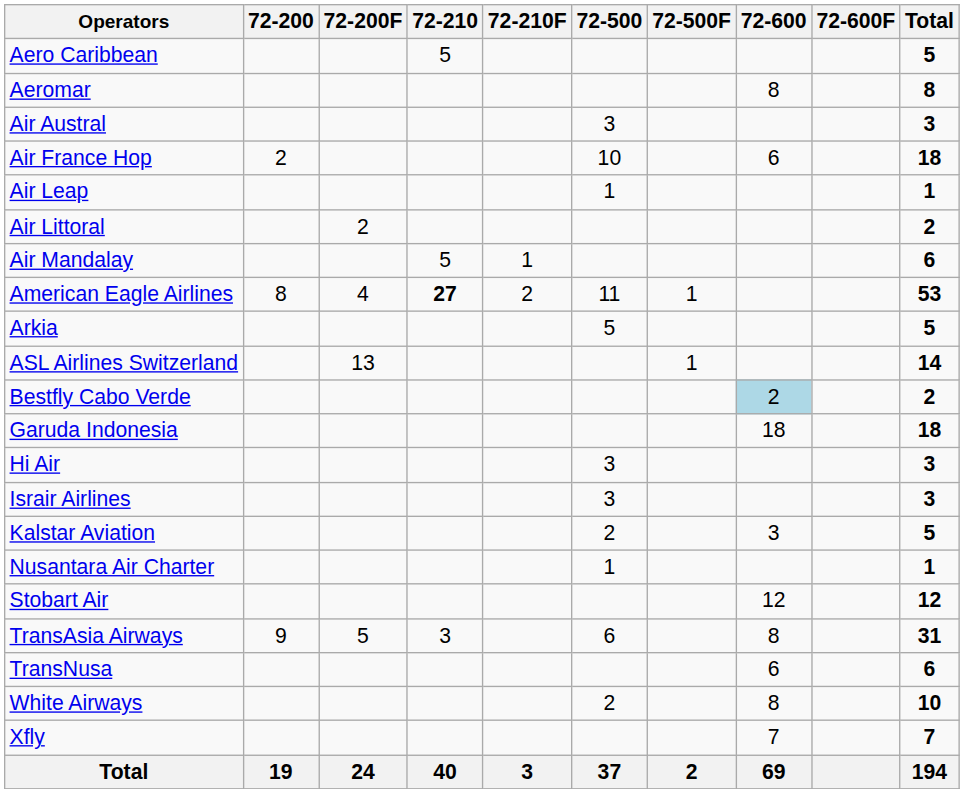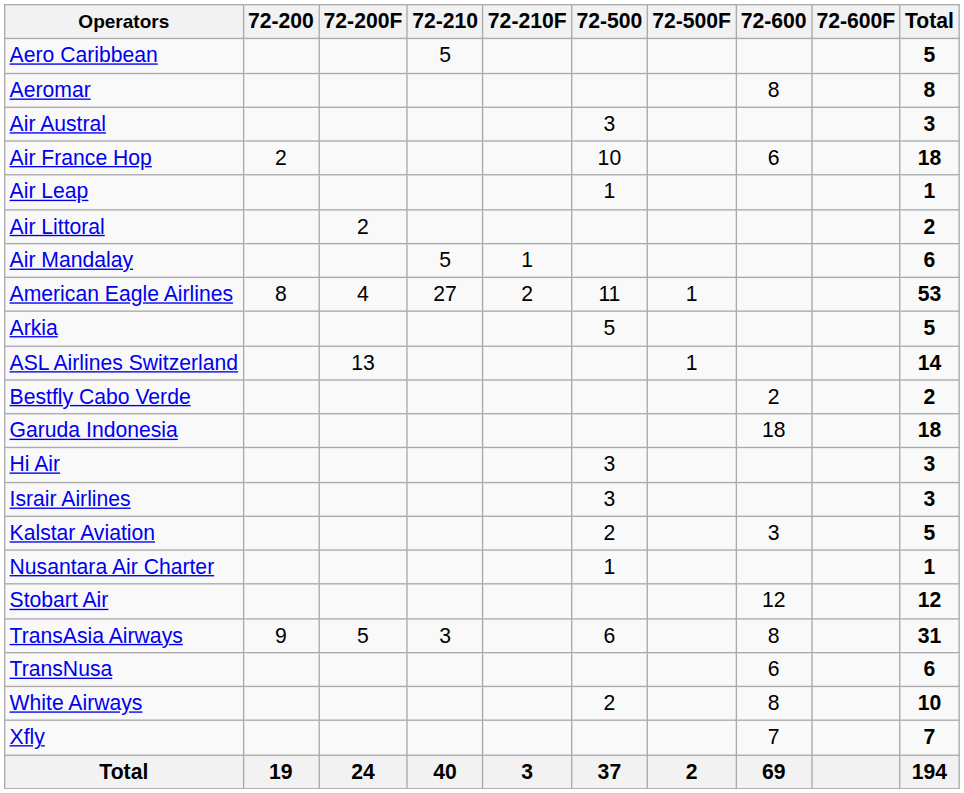 <table class="wikitable sortable" style="text-align:center; font-size:98%;">
 <tr>
 <th style="font-size:90%">Operators</th>
 <th data-sort-type="number">72-200</th>
 <th data-sort-type="number">72-200F</th>
 <th data-sort-type="number">72-210</th>
 <th data-sort-type="number">72-210F</th>
 <th data-sort-type="number">72-500</th>
 <th data-sort-type="number">72-500F</th>
 <th data-sort-type="number">72-600</th>
 <th data-sort-type="number">72-600F</th>
 <th data-sort-type="number">Total</th>
 </tr>
 <tr>
 <td align=left> <a href='#'>Aero Caribbean</a></td>
 <td></td>
 <td></td>
 <td>5</td>
 <td></td>
 <td></td>
 <td></td>
 <td></td>
 <td></td>
 <td><strong>5</strong></td>
 </tr>
 <tr>
 <td align=left> <a href='#'>Aeromar</a></td>
 <td></td>
 <td></td>
 <td></td>
 <td></td>
 <td></td>
 <td></td>
 <td>8</td>
 <td></td>
 <td><strong>8</strong></td>
 </tr>
 <tr>
 <td align=left> <a href='#'>Air Austral</a></td>
 <td></td>
 <td></td>
 <td></td>
 <td></td>
 <td>3</td>
 <td></td>
 <td></td>
 <td></td>
 <td><strong>3</strong></td>
 </tr>
 <tr>
 <td align=left> <a href='#'>Air France Hop</a></td>
 <td>2</td>
 <td></td>
 <td></td>
 <td></td>
 <td>10</td>
 <td></td>
 <td>6</td>
 <td></td>
 <td><strong>18</strong></td>
 </tr>
 <tr>
 <td align=left> <a href='#'>Air Leap</a></td>
 <td></td>
 <td></td>
 <td></td>
 <td></td>
 <td>1</td>
 <td></td>
 <td></td>
 <td></td>
 <td><strong>1</strong></td>
 </tr>
 <tr>
 <td align=left> <a href='#'>Air Littoral</a></td>
 <td></td>
 <td>2</td>
 <td></td>
 <td></td>
 <td></td>
 <td></td>
 <td></td>
 <td></td>
 <td><strong>2</strong></td>
 </tr>
 <tr>
 <td align=left> <a href='#'>Air Mandalay</a></td>
 <td></td>
 <td></td>
 <td>5</td>
 <td>1</td>
 <td></td>
 <td></td>
 <td></td>
 <td></td>
 <td><strong>6</strong></td>
 </tr>
 <tr>
 <td align=left> <a href='#'>American Eagle Airlines</a></td>
 <td>8</td>
 <td>4</td>
-<td><strong>27</strong></td>
+<td>27</td>
 <td>2</td>
 <td>11</td>
 <td>1</td>
 <td></td>
 <td></td>
 <td><strong>53</strong></td>
 </tr>
 <tr>
 <td align=left> <a href='#'>Arkia</a></td>
 <td></td>
 <td></td>
 <td></td>
 <td></td>
 <td>5</td>
 <td></td>
 <td></td>
 <td></td>
 <td><strong>5</strong></td>
 </tr>
 <tr>
 <td align=left> <a href='#'>ASL Airlines Switzerland</a></td>
 <td></td>
 <td>13</td>
 <td></td>
 <td></td>
 <td></td>
 <td>1</td>
 <td></td>
 <td></td>
 <td><strong>14</strong></td>
 </tr>
 <tr>
 <td align=left> <a href='#'>Bestfly Cabo Verde</a></td>
 <td></td>
 <td></td>
 <td></td>
 <td></td>
 <td></td>
 <td></td>
-<td style="background: lightblue;">2</td>
+<td>2</td>
 <td></td>
 <td><strong>2</strong></td>
 </tr>
 <tr>
 <td align=left> <a href='#'>Garuda Indonesia</a></td>
 <td></td>
 <td></td>
 <td></td>
 <td></td>
 <td></td>
 <td></td>
 <td>18</td>
 <td></td>
 <td><strong>18</strong></td>
 </tr>
 <tr>
 <td align=left> <a href='#'>Hi Air</a></td>
 <td></td>
 <td></td>
 <td></td>
 <td></td>
 <td>3</td>
 <td></td>
 <td></td>
 <td></td>
 <td><strong>3</strong></td>
 </tr>
 <tr>
 <td align=left> <a href='#'>Israir Airlines</a></td>
 <td></td>
 <td></td>
 <td></td>
 <td></td>
 <td>3</td>
 <td></td>
 <td></td>
 <td></td>
 <td><strong>3</strong></td>
 </tr>
 <tr>
 <td align=left> <a href='#'>Kalstar Aviation</a></td>
 <td></td>
 <td></td>
 <td></td>
 <td></td>
 <td>2</td>
 <td></td>
 <td>3</td>
 <td></td>
 <td><strong>5</strong></td>
 </tr>
 <tr>
 <td align=left> <a href='#'>Nusantara Air Charter</a></td>
 <td></td>
 <td></td>
 <td></td>
 <td></td>
 <td>1</td>
 <td></td>
 <td></td>
 <td></td>
 <td><strong>1</strong></td>
 </tr>
 <tr>
 <td align=left> <a href='#'>Stobart Air</a></td>
 <td></td>
 <td></td>
 <td></td>
 <td></td>
 <td></td>
 <td></td>
 <td>12</td>
 <td></td>
 <td><strong>12</strong></td>
 </tr>
 <tr>
 <td align=left> <a href='#'>TransAsia Airways</a></td>
 <td>9</td>
 <td>5</td>
 <td>3</td>
 <td></td>
 <td>6</td>
 <td></td>
 <td>8</td>
 <td></td>
 <td><strong>31</strong></td>
 </tr>
 <tr>
 <td align=left> <a href='#'>TransNusa</a></td>
 <td></td>
 <td></td>
 <td></td>
 <td></td>
 <td></td>
 <td></td>
 <td>6</td>
 <td></td>
 <td><strong>6</strong></td>
 </tr>
 <tr>
 <td align=left> <a href='#'>White Airways</a></td>
 <td></td>
 <td></td>
 <td></td>
 <td></td>
 <td>2</td>
 <td></td>
 <td>8</td>
 <td></td>
 <td><strong>10</strong></td>
 </tr>
 <tr>
 <td align=left> <a href='#'>Xfly</a></td>
 <td></td>
 <td></td>
 <td></td>
 <td></td>
 <td></td>
 <td></td>
 <td>7</td>
 <td></td>
 <td><strong>7</strong></td>
 </tr>
 <tr>
 <th>Total</th>
 <th><strong>19</strong></th>
 <th><strong>24</strong></th>
 <th>40</th>
 <th>3</th>
 <th><strong>37</strong></th>
 <th><strong>2</strong></th>
 <th><strong>69</strong></th>
 <th></th>
 <th><strong>194</strong></th>
 </tr>
 <tr>
 </tr>
 </table>
